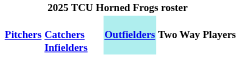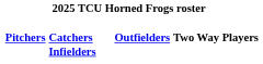 <table class="toccolours" style="border-collapse; font-size:90%;">
 <tr>
 <th colspan=9>2025 TCU Horned Frogs roster</th>
 </tr>
 <tr>
 <td width="03"> </td>
 <td valign="top"><br><strong><a href='#'>Pitchers</a></strong></td>
 <td valign="top"><br><strong><a href='#'>Catchers</a></strong><br><strong><a href='#'>Infielders</a></strong></td>
 <td width="15"> </td>
-<td valign="top" style="background: paleturquoise;"><br><strong><a href='#'>Outfielders</a></strong></td>
+<td valign="top"><br><strong><a href='#'>Outfielders</a></strong></td>
 <td valign="top"><br><strong>Two Way Players</strong></td>
 </tr>
 </table>
